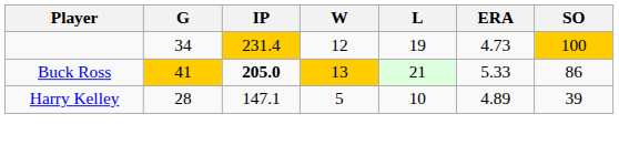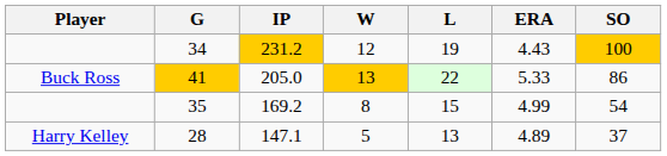 <table class="wikitable sortable">
 <tr>
 <th bgcolor="#DDDDFF" width="16%">Player</th>
 <th bgcolor="#DDDDFF" width="9%">G</th>
 <th bgcolor="#DDDDFF" width="9%">IP</th>
 <th bgcolor="#DDDDFF" width="9%">W</th>
 <th bgcolor="#DDDDFF" width="9%">L</th>
 <th bgcolor="#DDDDFF" width="9%">ERA</th>
 <th bgcolor="#DDDDFF" width="9%">SO</th>
 </tr>
 <tr align="center">
 <td></td>
 <td>34</td>
-<td style="background:#fc0;">231.4</td>
+<td style="background:#fc0;">231.2</td>
 <td>12</td>
 <td>19</td>
-<td>4.73</td>
+<td>4.43</td>
 <td style="background:#fc0;">100</td>
 </tr>
 <tr align="center">
 <td><a href='#'>Buck Ross</a></td>
 <td style="background:#fc0;">41</td>
-<td><strong>205.0</strong></td>
+<td>205.0</td>
 <td style="background:#fc0;">13</td>
-<td style="background:#DDFFDD;">21</td>
+<td style="background:#DDFFDD;">22</td>
 <td>5.33</td>
 <td>86</td>
+</tr>
+<tr align=center>
+<td></td>
+<td>35</td>
+<td>169.2</td>
+<td>8</td>
+<td>15</td>
+<td>4.99</td>
+<td>54</td>
 </tr>
 <tr align="center">
 <td><a href='#'>Harry Kelley</a></td>
 <td>28</td>
 <td>147.1</td>
 <td>5</td>
-<td>10</td>
+<td>13</td>
 <td>4.89</td>
-<td>39</td>
+<td>37</td>
 </tr>
 </table>
